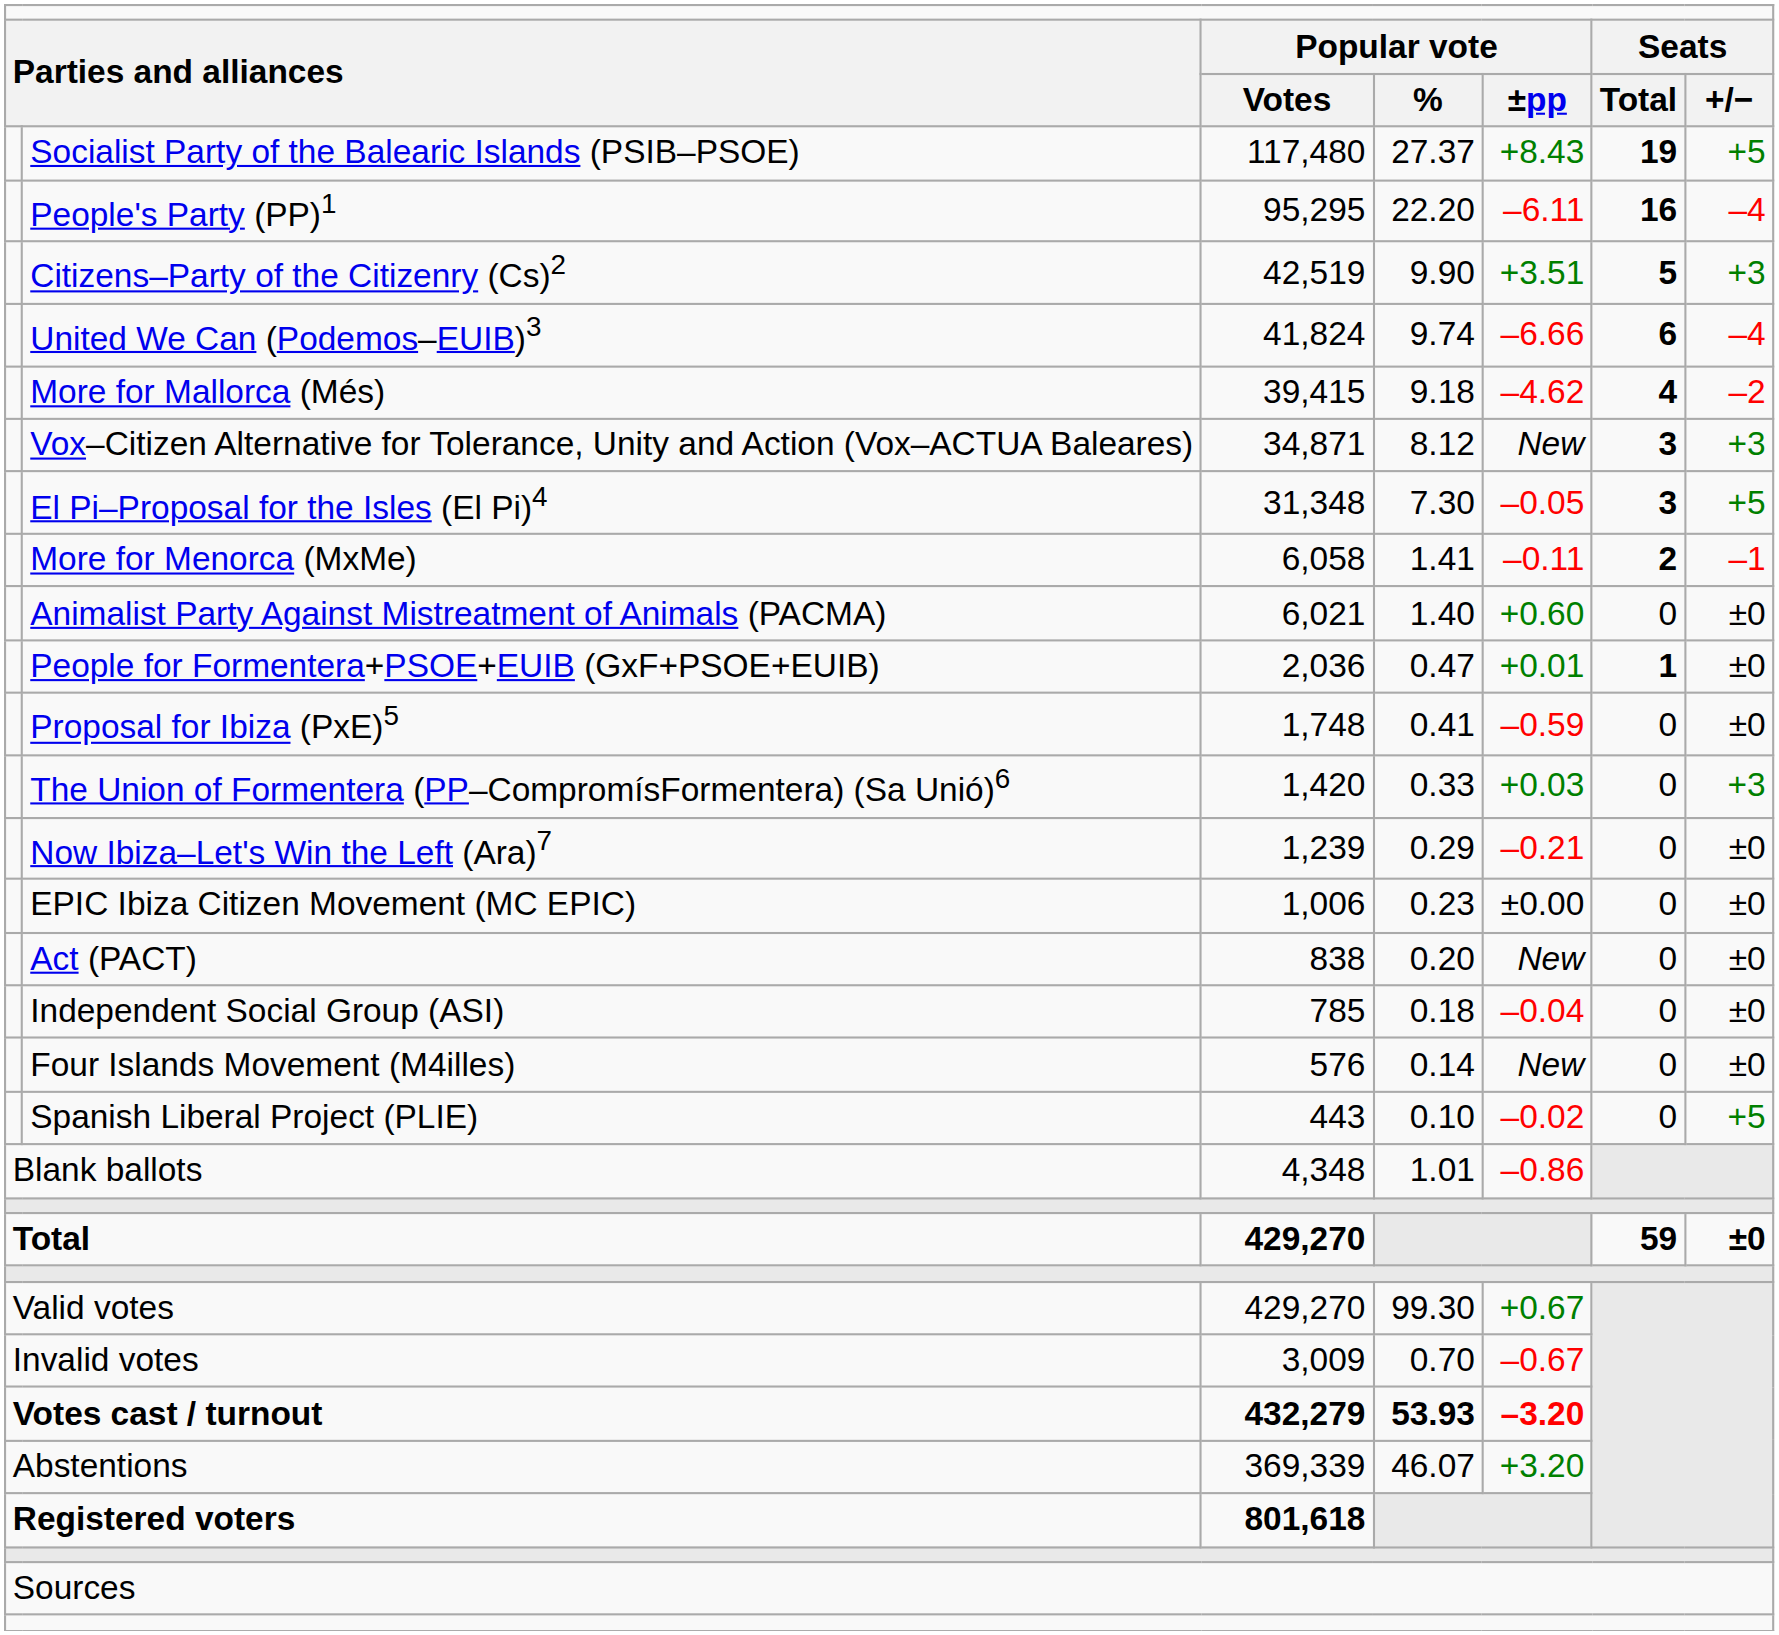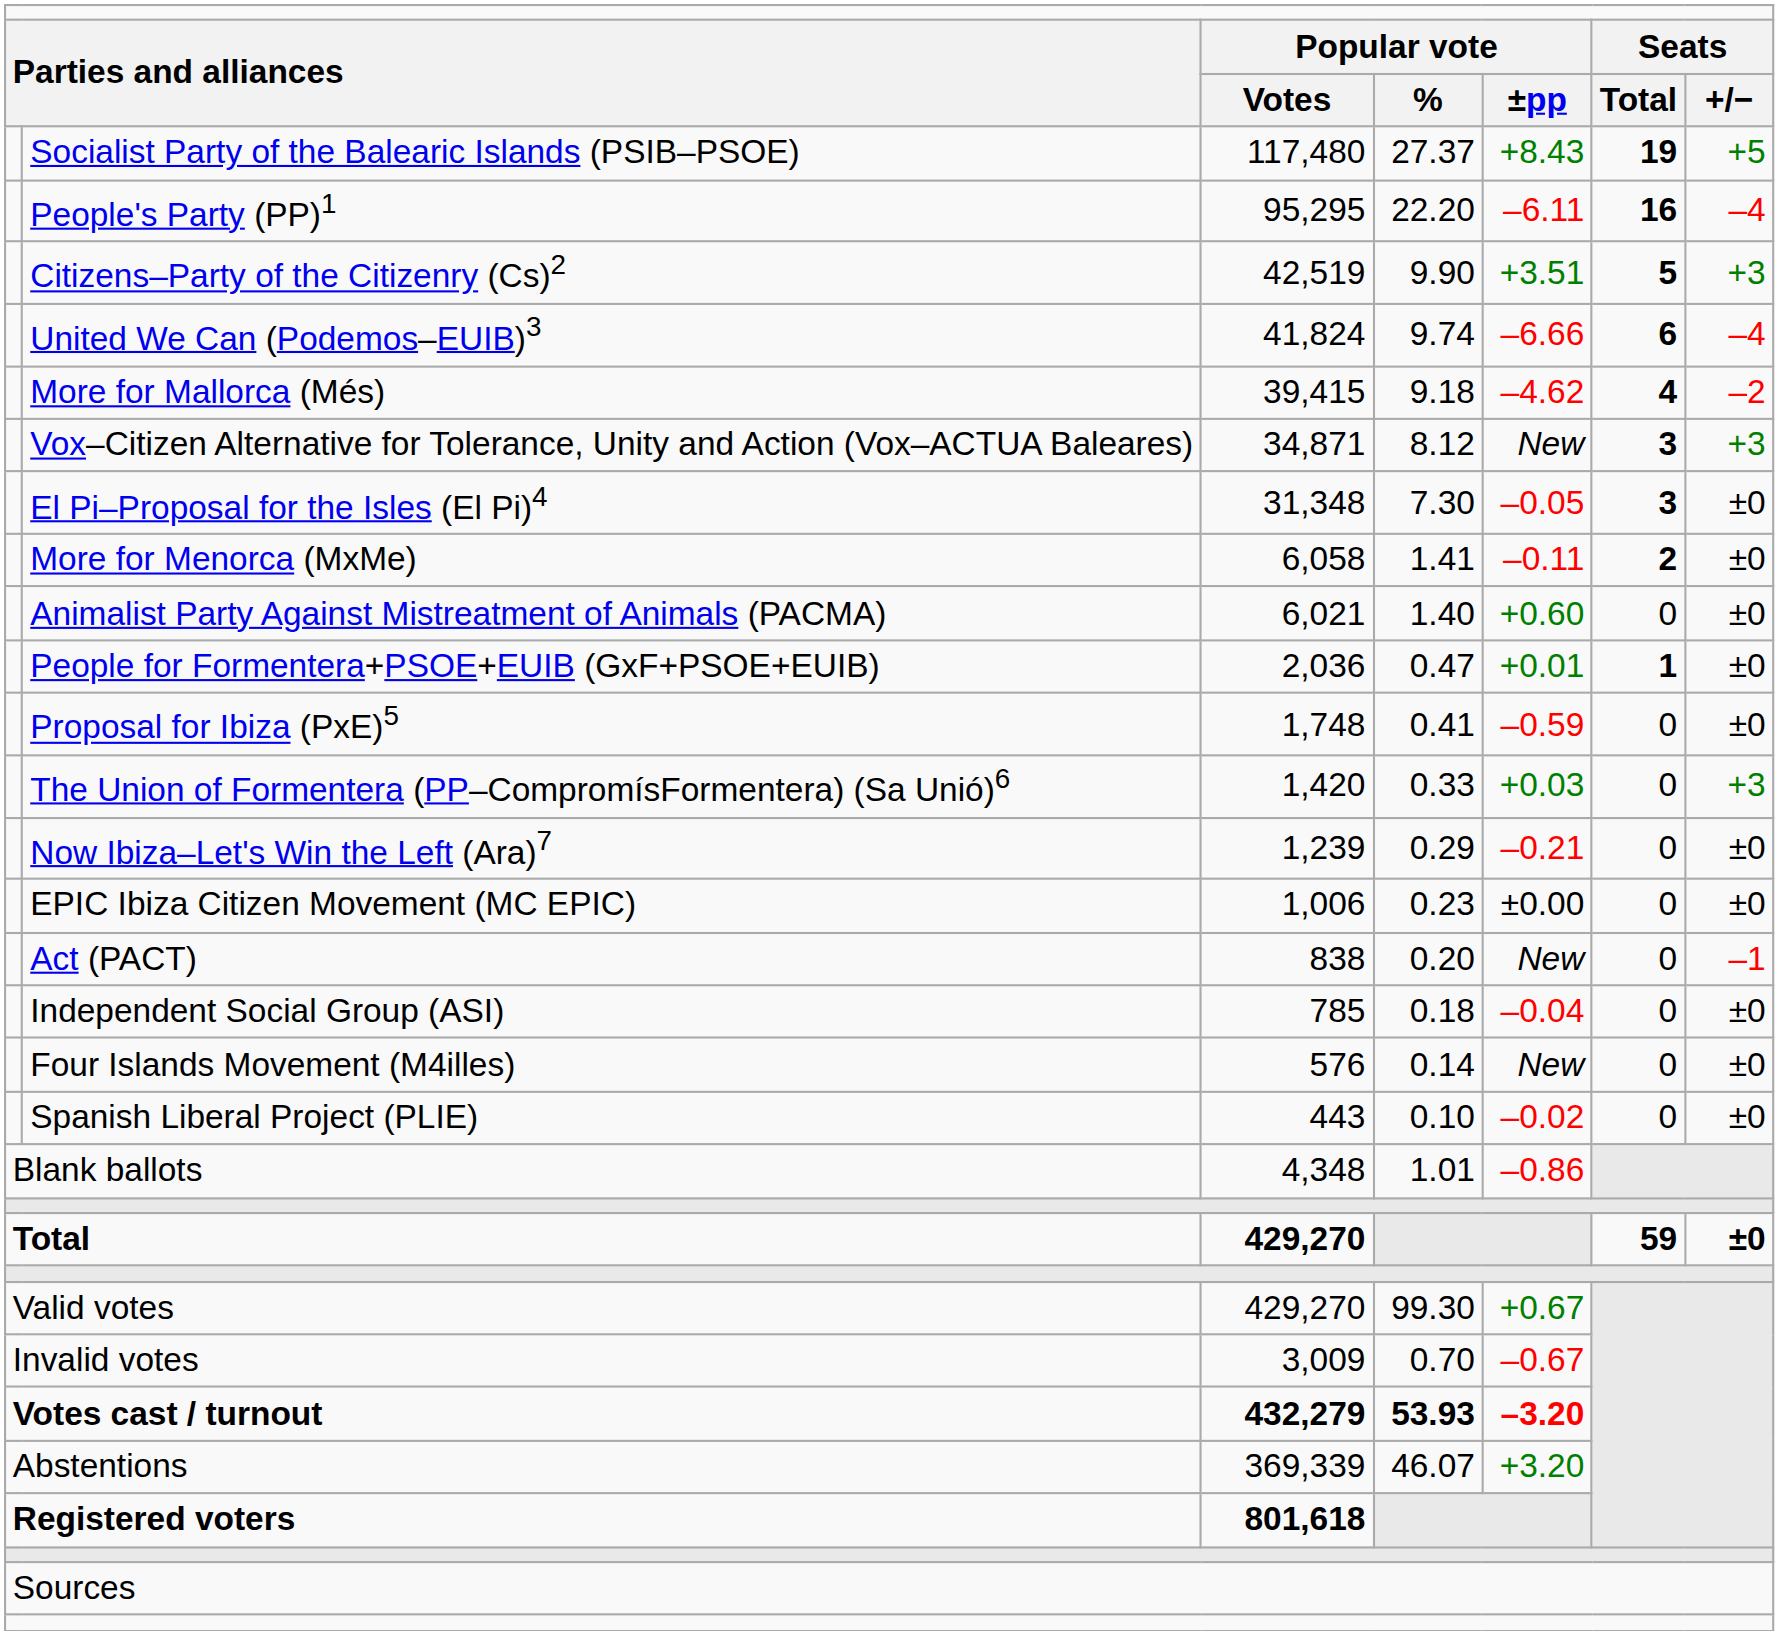 <table class="wikitable" style="text-align:right;">
 <tr>
 <td colspan="7"></td>
 </tr>
 <tr>
 <th style="text-align:left;" rowspan="2" colspan="2" width="525">Parties and alliances</th>
 <th colspan="3">Popular vote</th>
 <th colspan="2">Seats</th>
 </tr>
 <tr>
 <th width="75">Votes</th>
 <th width="45">%</th>
 <th width="45">±<a href='#'>pp</a></th>
 <th width="35">Total</th>
 <th width="35">+/−</th>
 </tr>
 <tr>
 <td width="1" style="color:inherit;background:"></td>
 <td align="left"><a href='#'>Socialist Party of the Balearic Islands</a> (PSIB–PSOE)</td>
 <td>117,480</td>
 <td>27.37</td>
 <td style="color:green;">+8.43</td>
 <td><strong>19</strong></td>
 <td style="color:green;">+5</td>
 </tr>
 <tr>
 <td style="color:inherit;background:"></td>
 <td align="left"><a href='#'>People's Party</a> (PP)<sup>1</sup></td>
 <td>95,295</td>
 <td>22.20</td>
 <td style="color:red;">–6.11</td>
 <td><strong>16</strong></td>
 <td style="color:red;">–4</td>
 </tr>
 <tr>
 <td style="color:inherit;background:"></td>
 <td align="left"><a href='#'>Citizens–Party of the Citizenry</a> (Cs)<sup>2</sup></td>
 <td>42,519</td>
 <td>9.90</td>
 <td style="color:green;">+3.51</td>
 <td><strong>5</strong></td>
 <td style="color:green;">+3</td>
 </tr>
 <tr>
 <td style="color:inherit;background:"></td>
 <td align="left"><a href='#'>United We Can</a> (<a href='#'>Podemos</a>–<a href='#'>EUIB</a>)<sup>3</sup></td>
 <td>41,824</td>
 <td>9.74</td>
 <td style="color:red;">–6.66</td>
 <td><strong>6</strong></td>
 <td style="color:red;">–4</td>
 </tr>
 <tr>
 <td style="color:inherit;background:"></td>
 <td align="left"><a href='#'>More for Mallorca</a> (Més)</td>
 <td>39,415</td>
 <td>9.18</td>
 <td style="color:red;">–4.62</td>
 <td><strong>4</strong></td>
 <td style="color:red;">–2</td>
 </tr>
 <tr>
 <td style="color:inherit;background:"></td>
 <td align="left"><a href='#'>Vox</a>–Citizen Alternative for Tolerance, Unity and Action (Vox–ACTUA Baleares)</td>
 <td>34,871</td>
 <td>8.12</td>
 <td><em>New</em></td>
 <td><strong>3</strong></td>
 <td style="color:green;">+3</td>
 </tr>
 <tr>
 <td style="color:inherit;background:"></td>
 <td align="left"><a href='#'>El Pi–Proposal for the Isles</a> (El Pi)<sup>4</sup></td>
 <td>31,348</td>
 <td>7.30</td>
 <td style="color:red;">–0.05</td>
 <td><strong>3</strong></td>
-<td style="color:green;">+5</td>
+<td>±0</td>
 </tr>
 <tr>
 <td style="color:inherit;background:"></td>
 <td align="left"><a href='#'>More for Menorca</a> (MxMe)</td>
 <td>6,058</td>
 <td>1.41</td>
 <td style="color:red;">–0.11</td>
 <td><strong>2</strong></td>
-<td style="color:red;">–1</td>
+<td>±0</td>
 </tr>
 <tr>
 <td style="color:inherit;background:"></td>
 <td align="left"><a href='#'>Animalist Party Against Mistreatment of Animals</a> (PACMA)</td>
 <td>6,021</td>
 <td>1.40</td>
 <td style="color:green;">+0.60</td>
 <td>0</td>
 <td>±0</td>
 </tr>
 <tr>
 <td style="color:inherit;background:"></td>
 <td align="left"><a href='#'>People for Formentera</a>+<a href='#'>PSOE</a>+<a href='#'>EUIB</a> (GxF+PSOE+EUIB)</td>
 <td>2,036</td>
 <td>0.47</td>
 <td style="color:green;">+0.01</td>
 <td><strong>1</strong></td>
 <td>±0</td>
 </tr>
 <tr>
 <td style="color:inherit;background:"></td>
 <td align="left"><a href='#'>Proposal for Ibiza</a> (PxE)<sup>5</sup></td>
 <td>1,748</td>
 <td>0.41</td>
 <td style="color:red;">–0.59</td>
 <td>0</td>
 <td>±0</td>
 </tr>
 <tr>
 <td style="color:inherit;background:"></td>
 <td align="left"><a href='#'>The Union of Formentera</a> (<a href='#'>PP</a>–CompromísFormentera) (Sa Unió)<sup>6</sup></td>
 <td>1,420</td>
 <td>0.33</td>
 <td style="color:green;">+0.03</td>
 <td>0</td>
 <td style="color:green;">+3</td>
 </tr>
 <tr>
 <td style="color:inherit;background:"></td>
 <td align="left"><a href='#'>Now Ibiza–Let's Win the Left</a> (Ara)<sup>7</sup></td>
 <td>1,239</td>
 <td>0.29</td>
 <td style="color:red;">–0.21</td>
 <td>0</td>
 <td>±0</td>
 </tr>
 <tr>
 <td style="color:inherit;background:"></td>
 <td align="left">EPIC Ibiza Citizen Movement (MC EPIC)</td>
 <td>1,006</td>
 <td>0.23</td>
 <td>±0.00</td>
 <td>0</td>
 <td>±0</td>
 </tr>
 <tr>
 <td style="color:inherit;background:"></td>
 <td align="left"><a href='#'>Act</a> (PACT)</td>
 <td>838</td>
 <td>0.20</td>
 <td><em>New</em></td>
 <td>0</td>
-<td>±0</td>
+<td style="color:red;">–1</td>
 </tr>
 <tr>
 <td style="color:inherit;background:"></td>
 <td align="left">Independent Social Group (ASI)</td>
 <td>785</td>
 <td>0.18</td>
 <td style="color:red;">–0.04</td>
 <td>0</td>
 <td>±0</td>
 </tr>
 <tr>
 <td style="color:inherit;background:"></td>
 <td align="left">Four Islands Movement (M4illes)</td>
 <td>576</td>
 <td>0.14</td>
 <td><em>New</em></td>
 <td>0</td>
 <td>±0</td>
 </tr>
 <tr>
 <td style="color:inherit;background:"></td>
 <td align="left">Spanish Liberal Project (PLIE)</td>
 <td>443</td>
 <td>0.10</td>
 <td style="color:red;">–0.02</td>
 <td>0</td>
-<td style="color:green;">+5</td>
+<td>±0</td>
 </tr>
 <tr>
 <td align="left" colspan="2">Blank ballots</td>
 <td>4,348</td>
 <td>1.01</td>
 <td style="color:red;">–0.86</td>
 <td bgcolor="#E9E9E9" colspan="2"></td>
 </tr>
 <tr>
 <td colspan="7" bgcolor="#E9E9E9"></td>
 </tr>
 <tr style="font-weight:bold;">
 <td align="left" colspan="2">Total</td>
 <td>429,270</td>
 <td bgcolor="#E9E9E9" colspan="2"></td>
 <td>59</td>
 <td>±0</td>
 </tr>
 <tr>
 <td colspan="7" bgcolor="#E9E9E9"></td>
 </tr>
 <tr>
 <td align="left" colspan="2">Valid votes</td>
 <td>429,270</td>
 <td>99.30</td>
 <td style="color:green;">+0.67</td>
 <td bgcolor="#E9E9E9" colspan="2" rowspan="5"></td>
 </tr>
 <tr>
 <td align="left" colspan="2">Invalid votes</td>
 <td>3,009</td>
 <td>0.70</td>
 <td style="color:red;">–0.67</td>
 </tr>
 <tr style="font-weight:bold;">
 <td align="left" colspan="2">Votes cast / turnout</td>
 <td>432,279</td>
 <td>53.93</td>
 <td style="color:red;">–3.20</td>
 </tr>
 <tr>
 <td align="left" colspan="2">Abstentions</td>
 <td>369,339</td>
 <td>46.07</td>
 <td style="color:green;">+3.20</td>
 </tr>
 <tr style="font-weight:bold;">
 <td align="left" colspan="2">Registered voters</td>
 <td>801,618</td>
 <td bgcolor="#E9E9E9" colspan="2"></td>
 </tr>
 <tr>
 <td colspan="7" bgcolor="#E9E9E9"></td>
 </tr>
 <tr>
 <td align="left" colspan="7">Sources</td>
 </tr>
 <tr>
 <td colspan="7" style="text-align:left; max-width:790px;"></td>
 </tr>
 </table>
